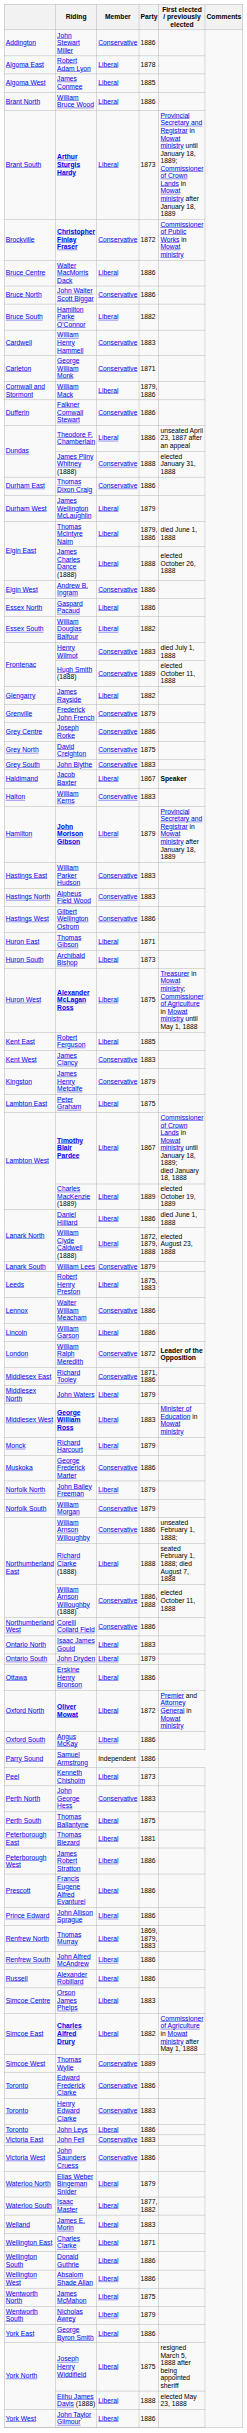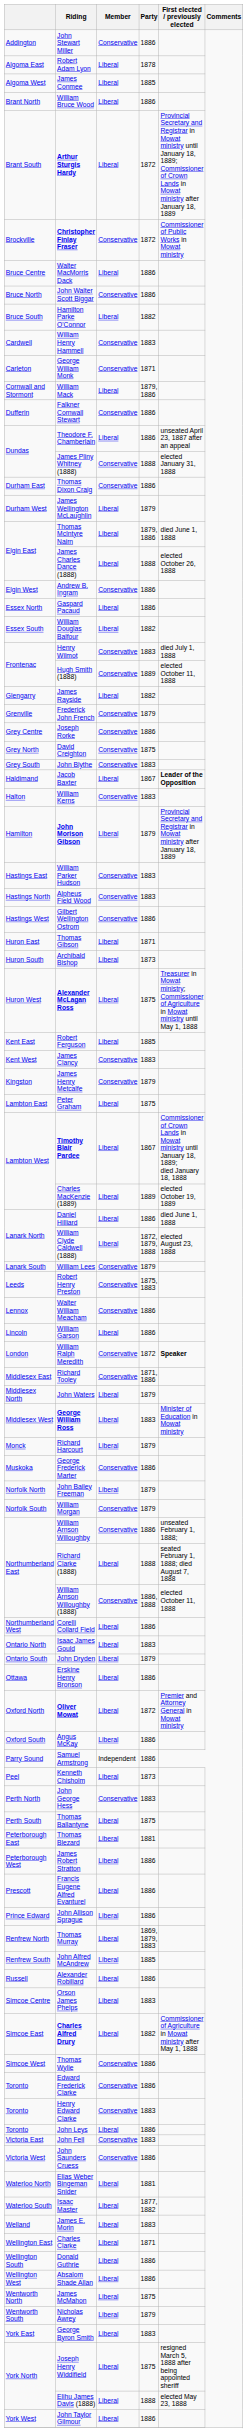 <table class="wikitable sortable" style="width: 90%">
 <tr>
 <th></th>
 <th>Riding</th>
 <th>Member</th>
 <th>Party</th>
 <th>First elected / previously elected</th>
 <th>Comments</th>
 </tr>
 <tr>
 <td><a href='#'>Addington</a></td>
 <td><a href='#'>John Stewart Miller</a></td>
 <td><a href='#'>Conservative</a></td>
 <td>1886</td>
 <td></td>
 </tr>
 <tr>
 <td><a href='#'>Algoma East</a></td>
 <td><a href='#'>Robert Adam Lyon</a></td>
 <td><a href='#'>Liberal</a></td>
 <td>1878</td>
 <td></td>
 </tr>
 <tr>
 <td><a href='#'>Algoma West</a></td>
 <td><a href='#'>James Conmee</a></td>
 <td><a href='#'>Liberal</a></td>
 <td>1885</td>
 <td></td>
 </tr>
 <tr>
 <td><a href='#'>Brant North</a></td>
 <td><a href='#'>William Bruce Wood</a></td>
 <td><a href='#'>Liberal</a></td>
 <td>1886</td>
 <td></td>
 </tr>
 <tr>
 <td><a href='#'>Brant South</a></td>
 <td><strong><a href='#'>Arthur Sturgis Hardy</a></strong></td>
 <td><a href='#'>Liberal</a></td>
-<td>1873</td>
+<td>1872</td>
 <td><a href='#'>Provincial Secretary and Registrar</a> in <a href='#'>Mowat ministry</a> until January 18, 1889; <br> <a href='#'>Commissioner of Crown Lands</a> in <a href='#'>Mowat ministry</a> after January 18, 1889</td>
 </tr>
 <tr>
 <td><a href='#'>Brockville</a></td>
 <td><strong><a href='#'>Christopher Finlay Fraser</a></strong></td>
 <td><a href='#'>Conservative</a></td>
 <td>1872</td>
 <td><a href='#'>Commissioner of Public Works</a> in <a href='#'>Mowat ministry</a></td>
 </tr>
 <tr>
 <td><a href='#'>Bruce Centre</a></td>
 <td><a href='#'>Walter MacMorris Dack</a></td>
 <td><a href='#'>Liberal</a></td>
 <td>1886</td>
 <td></td>
 </tr>
 <tr>
 <td><a href='#'>Bruce North</a></td>
 <td><a href='#'>John Walter Scott Biggar</a></td>
 <td><a href='#'>Conservative</a></td>
 <td>1886</td>
 <td></td>
 </tr>
 <tr>
 <td><a href='#'>Bruce South</a></td>
 <td><a href='#'>Hamilton Parke O'Connor</a></td>
 <td><a href='#'>Liberal</a></td>
 <td>1882</td>
 <td></td>
 </tr>
 <tr>
 <td><a href='#'>Cardwell</a></td>
 <td><a href='#'>William Henry Hammell</a></td>
 <td><a href='#'>Conservative</a></td>
 <td>1883</td>
 <td></td>
 </tr>
 <tr>
 <td><a href='#'>Carleton</a></td>
 <td><a href='#'>George William Monk</a></td>
 <td><a href='#'>Conservative</a></td>
 <td>1871</td>
 <td></td>
 </tr>
 <tr>
 <td><a href='#'>Cornwall and Stormont</a></td>
 <td><a href='#'>William Mack</a></td>
 <td><a href='#'>Liberal</a></td>
 <td>1879, 1886</td>
 <td></td>
 </tr>
 <tr>
 <td><a href='#'>Dufferin</a></td>
 <td><a href='#'>Falkner Cornwall Stewart</a></td>
 <td><a href='#'>Conservative</a></td>
 <td>1886</td>
 <td></td>
 </tr>
 <tr>
 <td rowspan="2"><a href='#'>Dundas</a></td>
 <td><a href='#'>Theodore F. Chamberlain</a></td>
 <td><a href='#'>Liberal</a></td>
 <td>1886</td>
 <td>unseated April 23, 1887 after an appeal</td>
 </tr>
 <tr>
 <td><a href='#'>James Pliny Whitney</a> (1888)</td>
 <td><a href='#'>Conservative</a></td>
 <td>1888</td>
 <td>elected January 31, 1888</td>
 </tr>
 <tr>
 <td><a href='#'>Durham East</a></td>
 <td><a href='#'>Thomas Dixon Craig</a></td>
 <td><a href='#'>Conservative</a></td>
 <td>1886</td>
 <td></td>
 </tr>
 <tr>
 <td><a href='#'>Durham West</a></td>
 <td><a href='#'>James Wellington McLaughlin</a></td>
 <td><a href='#'>Liberal</a></td>
 <td>1879</td>
 <td></td>
 </tr>
 <tr>
 <td rowspan="2"><a href='#'>Elgin East</a></td>
 <td><a href='#'>Thomas McIntyre Nairn</a></td>
 <td><a href='#'>Liberal</a></td>
 <td>1879, 1886</td>
 <td>died June 1, 1888</td>
 </tr>
 <tr>
 <td><a href='#'>James Charles Dance</a> (1888)</td>
 <td><a href='#'>Liberal</a></td>
 <td>1888</td>
 <td>elected October 26, 1888</td>
 </tr>
 <tr>
 <td><a href='#'>Elgin West</a></td>
 <td><a href='#'>Andrew B. Ingram</a></td>
 <td><a href='#'>Conservative</a></td>
 <td>1886</td>
 <td></td>
 </tr>
 <tr>
 <td><a href='#'>Essex North</a></td>
 <td><a href='#'>Gaspard Pacaud</a></td>
 <td><a href='#'>Liberal</a></td>
 <td>1886</td>
 <td></td>
 </tr>
 <tr>
 <td><a href='#'>Essex South</a></td>
 <td><a href='#'>William Douglas Balfour</a></td>
 <td><a href='#'>Liberal</a></td>
 <td>1882</td>
 <td></td>
 </tr>
 <tr>
 <td rowspan="2"><a href='#'>Frontenac</a></td>
 <td><a href='#'>Henry Wilmot</a></td>
 <td><a href='#'>Conservative</a></td>
 <td>1883</td>
 <td>died July 1, 1888</td>
 </tr>
 <tr>
 <td><a href='#'>Hugh Smith</a> (1888)</td>
 <td><a href='#'>Conservative</a></td>
 <td>1889</td>
 <td>elected October 11, 1888</td>
 </tr>
 <tr>
 <td><a href='#'>Glengarry</a></td>
 <td><a href='#'>James Rayside</a></td>
 <td><a href='#'>Liberal</a></td>
 <td>1882</td>
 <td></td>
 </tr>
 <tr>
 <td><a href='#'>Grenville</a></td>
 <td><a href='#'>Frederick John French</a></td>
 <td><a href='#'>Conservative</a></td>
 <td>1879</td>
 <td></td>
 </tr>
 <tr>
 <td><a href='#'>Grey Centre</a></td>
 <td><a href='#'>Joseph Rorke</a></td>
 <td><a href='#'>Conservative</a></td>
 <td>1886</td>
 <td></td>
 </tr>
 <tr>
 <td><a href='#'>Grey North</a></td>
 <td><a href='#'>David Creighton</a></td>
 <td><a href='#'>Conservative</a></td>
 <td>1875</td>
 <td></td>
 </tr>
 <tr>
 <td><a href='#'>Grey South</a></td>
 <td><a href='#'>John Blythe</a></td>
 <td><a href='#'>Conservative</a></td>
 <td>1883</td>
 <td></td>
 </tr>
 <tr>
 <td><a href='#'>Haldimand</a></td>
 <td><a href='#'>Jacob Baxter</a></td>
 <td><a href='#'>Liberal</a></td>
 <td>1867</td>
-<td><strong>Speaker</strong></td>
+<td><strong>Leader of the Opposition</strong></td>
 </tr>
 <tr>
 <td><a href='#'>Halton</a></td>
 <td><a href='#'>William Kerns</a></td>
 <td><a href='#'>Conservative</a></td>
 <td>1883</td>
 <td></td>
 </tr>
 <tr>
 <td><a href='#'>Hamilton</a></td>
 <td><strong><a href='#'>John Morison Gibson</a></strong></td>
 <td><a href='#'>Liberal</a></td>
 <td>1879</td>
 <td><a href='#'>Provincial Secretary and Registrar</a> in <a href='#'>Mowat ministry</a> after January 18, 1889</td>
 </tr>
 <tr>
 <td><a href='#'>Hastings East</a></td>
 <td><a href='#'>William Parker Hudson</a></td>
 <td><a href='#'>Conservative</a></td>
 <td>1883</td>
 <td></td>
 </tr>
 <tr>
 <td><a href='#'>Hastings North</a></td>
 <td><a href='#'>Alpheus Field Wood</a></td>
 <td><a href='#'>Conservative</a></td>
 <td>1883</td>
 <td></td>
 </tr>
 <tr>
 <td><a href='#'>Hastings West</a></td>
 <td><a href='#'>Gilbert Wellington Ostrom</a></td>
 <td><a href='#'>Conservative</a></td>
 <td>1886</td>
 <td></td>
 </tr>
 <tr>
 <td><a href='#'>Huron East</a></td>
 <td><a href='#'>Thomas Gibson</a></td>
 <td><a href='#'>Liberal</a></td>
 <td>1871</td>
 <td></td>
 </tr>
 <tr>
 <td><a href='#'>Huron South</a></td>
 <td><a href='#'>Archibald Bishop</a></td>
 <td><a href='#'>Liberal</a></td>
 <td>1873</td>
 <td></td>
 </tr>
 <tr>
 <td><a href='#'>Huron West</a></td>
 <td><strong><a href='#'>Alexander McLagan Ross</a></strong></td>
 <td><a href='#'>Liberal</a></td>
 <td>1875</td>
 <td><a href='#'>Treasurer</a> in <a href='#'>Mowat ministry</a>; <br> <a href='#'>Commissioner of Agriculture</a> in <a href='#'>Mowat ministry</a> until May 1, 1888</td>
 </tr>
 <tr>
 <td><a href='#'>Kent East</a></td>
 <td><a href='#'>Robert Ferguson</a></td>
 <td><a href='#'>Liberal</a></td>
 <td>1885</td>
 <td></td>
 </tr>
 <tr>
 <td><a href='#'>Kent West</a></td>
 <td><a href='#'>James Clancy</a></td>
 <td><a href='#'>Conservative</a></td>
 <td>1883</td>
 <td></td>
 </tr>
 <tr>
 <td><a href='#'>Kingston</a></td>
 <td><a href='#'>James Henry Metcalfe</a></td>
 <td><a href='#'>Conservative</a></td>
 <td>1879</td>
 <td></td>
 </tr>
 <tr>
 <td><a href='#'>Lambton East</a></td>
 <td><a href='#'>Peter Graham</a></td>
 <td><a href='#'>Liberal</a></td>
 <td>1875</td>
 <td></td>
 </tr>
 <tr>
 <td rowspan="2"><a href='#'>Lambton West</a></td>
 <td><strong><a href='#'>Timothy Blair Pardee</a></strong></td>
 <td><a href='#'>Liberal</a></td>
 <td>1867</td>
 <td><a href='#'>Commissioner of Crown Lands</a> in <a href='#'>Mowat ministry</a> until January 18, 1889;<br> died January 18, 1888</td>
 </tr>
 <tr>
 <td><a href='#'>Charles MacKenzie</a> (1889)</td>
 <td><a href='#'>Liberal</a></td>
 <td>1889</td>
 <td>elected October 19, 1889</td>
 </tr>
 <tr>
 <td rowspan="2"><a href='#'>Lanark North</a></td>
 <td><a href='#'>Daniel Hilliard</a></td>
 <td><a href='#'>Liberal</a></td>
 <td>1886</td>
 <td>died June 1, 1888</td>
 </tr>
 <tr>
 <td><a href='#'>William Clyde Caldwell</a> (1888)</td>
 <td><a href='#'>Liberal</a></td>
 <td>1872, 1879, 1888</td>
 <td>elected August 23, 1888</td>
 </tr>
 <tr>
 <td><a href='#'>Lanark South</a></td>
 <td><a href='#'>William Lees</a></td>
 <td><a href='#'>Conservative</a></td>
 <td>1879</td>
 <td></td>
 </tr>
 <tr>
 <td><a href='#'>Leeds</a></td>
 <td><a href='#'>Robert Henry Preston</a></td>
-<td><a href='#'>Liberal</a></td>
+<td><a href='#'>Conservative</a></td>
 <td>1875, 1883</td>
 <td></td>
 </tr>
 <tr>
 <td><a href='#'>Lennox</a></td>
 <td><a href='#'>Walter William Meacham</a></td>
 <td><a href='#'>Conservative</a></td>
 <td>1886</td>
 <td></td>
 </tr>
 <tr>
 <td><a href='#'>Lincoln</a></td>
 <td><a href='#'>William Garson</a></td>
 <td><a href='#'>Liberal</a></td>
 <td>1886</td>
 <td></td>
 </tr>
 <tr>
 <td><a href='#'>London</a></td>
 <td><a href='#'>William Ralph Meredith</a></td>
 <td><a href='#'>Conservative</a></td>
 <td>1872</td>
-<td><strong>Leader of the Opposition</strong></td>
+<td><strong>Speaker</strong></td>
 </tr>
 <tr>
 <td><a href='#'>Middlesex East</a></td>
 <td><a href='#'>Richard Tooley</a></td>
 <td><a href='#'>Conservative</a></td>
 <td>1871, 1886</td>
 <td></td>
 </tr>
 <tr>
 <td><a href='#'>Middlesex North</a></td>
 <td><a href='#'>John Waters</a></td>
 <td><a href='#'>Liberal</a></td>
 <td>1879</td>
 <td></td>
 </tr>
 <tr>
 <td><a href='#'>Middlesex West</a></td>
 <td><strong><a href='#'>George William Ross</a></strong></td>
 <td><a href='#'>Liberal</a></td>
 <td>1883</td>
 <td><a href='#'>Minister of Education</a> in <a href='#'>Mowat ministry</a></td>
 </tr>
 <tr>
 <td><a href='#'>Monck</a></td>
 <td><a href='#'>Richard Harcourt</a></td>
 <td><a href='#'>Liberal</a></td>
 <td>1879</td>
 <td></td>
 </tr>
 <tr>
 <td><a href='#'>Muskoka</a></td>
 <td><a href='#'>George Frederick Marter</a></td>
 <td><a href='#'>Conservative</a></td>
 <td>1886</td>
 <td></td>
 </tr>
 <tr>
 <td><a href='#'>Norfolk North</a></td>
 <td><a href='#'>John Bailey Freeman</a></td>
 <td><a href='#'>Liberal</a></td>
 <td>1879</td>
 <td></td>
 </tr>
 <tr>
 <td><a href='#'>Norfolk South</a></td>
 <td><a href='#'>William Morgan</a></td>
 <td><a href='#'>Conservative</a></td>
 <td>1879</td>
 <td></td>
 </tr>
 <tr>
 <td rowspan="3"><a href='#'>Northumberland East</a></td>
 <td><a href='#'>William Arnson Willoughby</a></td>
 <td><a href='#'>Conservative</a></td>
 <td>1886</td>
 <td>unseated February 1, 1888;</td>
 </tr>
 <tr>
 <td><a href='#'>Richard Clarke</a> (1888)</td>
 <td><a href='#'>Liberal</a></td>
 <td>1888</td>
 <td>seated February 1, 1888; died August 7, 1888</td>
 </tr>
 <tr>
 <td><a href='#'>William Arnson Willoughby</a> (1888)</td>
 <td><a href='#'>Conservative</a></td>
 <td>1886, 1888</td>
 <td>elected October 11, 1888</td>
 </tr>
 <tr>
 <td><a href='#'>Northumberland West</a></td>
 <td><a href='#'>Corelli Collard Field</a></td>
-<td><a href='#'>Conservative</a></td>
+<td><a href='#'>Liberal</a></td>
 <td>1886</td>
 <td></td>
 </tr>
 <tr>
 <td><a href='#'>Ontario North</a></td>
 <td><a href='#'>Isaac James Gould</a></td>
 <td><a href='#'>Liberal</a></td>
 <td>1883</td>
 <td></td>
 </tr>
 <tr>
 <td><a href='#'>Ontario South</a></td>
 <td><a href='#'>John Dryden</a></td>
 <td><a href='#'>Liberal</a></td>
 <td>1879</td>
 <td></td>
 </tr>
 <tr>
 <td><a href='#'>Ottawa</a></td>
 <td><a href='#'>Erskine Henry Bronson</a></td>
 <td><a href='#'>Liberal</a></td>
 <td>1886</td>
 <td></td>
 </tr>
 <tr>
 <td><a href='#'>Oxford North</a></td>
 <td><strong><a href='#'>Oliver Mowat</a></strong></td>
 <td><a href='#'>Liberal</a></td>
 <td>1872</td>
 <td><a href='#'>Premier</a> and <a href='#'>Attorney General</a> in <a href='#'>Mowat ministry</a></td>
 </tr>
 <tr>
 <td><a href='#'>Oxford South</a></td>
 <td><a href='#'>Angus McKay</a></td>
 <td><a href='#'>Liberal</a></td>
 <td>1886</td>
 <td></td>
 </tr>
 <tr>
 <td><a href='#'>Parry Sound</a></td>
 <td><a href='#'>Samuel Armstrong</a></td>
 <td>Independent</td>
 <td>1886</td>
 </tr>
 <tr>
 <td><a href='#'>Peel</a></td>
 <td><a href='#'>Kenneth Chisholm</a></td>
 <td><a href='#'>Liberal</a></td>
 <td>1873</td>
 <td></td>
 </tr>
 <tr>
 <td><a href='#'>Perth North</a></td>
 <td><a href='#'>John George Hess</a></td>
 <td><a href='#'>Conservative</a></td>
 <td>1883</td>
 <td></td>
 </tr>
 <tr>
 <td><a href='#'>Perth South</a></td>
 <td><a href='#'>Thomas Ballantyne</a></td>
 <td><a href='#'>Liberal</a></td>
 <td>1875</td>
 <td></td>
 </tr>
 <tr>
 <td><a href='#'>Peterborough East</a></td>
 <td><a href='#'>Thomas Blezard</a></td>
 <td><a href='#'>Liberal</a></td>
 <td>1881</td>
 <td></td>
 </tr>
 <tr>
 <td><a href='#'>Peterborough West</a></td>
 <td><a href='#'>James Robert Stratton</a></td>
 <td><a href='#'>Liberal</a></td>
 <td>1886</td>
 <td></td>
 </tr>
 <tr>
 <td><a href='#'>Prescott</a></td>
 <td><a href='#'>Francis Eugene Alfred Evanturel</a></td>
 <td><a href='#'>Liberal</a></td>
 <td>1886</td>
 <td></td>
 </tr>
 <tr>
 <td><a href='#'>Prince Edward</a></td>
 <td><a href='#'>John Allison Sprague</a></td>
 <td><a href='#'>Liberal</a></td>
 <td>1886</td>
 <td></td>
 </tr>
 <tr>
 <td><a href='#'>Renfrew North</a></td>
 <td><a href='#'>Thomas Murray</a></td>
 <td><a href='#'>Liberal</a></td>
 <td>1869, 1879, 1883</td>
 <td></td>
 </tr>
 <tr>
 <td><a href='#'>Renfrew South</a></td>
 <td><a href='#'>John Alfred McAndrew</a></td>
 <td><a href='#'>Liberal</a></td>
-<td>1886</td>
+<td>1885</td>
 <td></td>
 </tr>
 <tr>
 <td><a href='#'>Russell</a></td>
 <td><a href='#'>Alexander Robillard</a></td>
 <td><a href='#'>Liberal</a></td>
 <td>1886</td>
 <td></td>
 </tr>
 <tr>
 <td><a href='#'>Simcoe Centre</a></td>
 <td><a href='#'>Orson James Phelps</a></td>
 <td><a href='#'>Liberal</a></td>
 <td>1883</td>
 <td></td>
 </tr>
 <tr>
 <td><a href='#'>Simcoe East</a></td>
 <td><strong><a href='#'>Charles Alfred Drury</a></strong></td>
 <td><a href='#'>Liberal</a></td>
 <td>1882</td>
 <td><a href='#'>Commissioner of Agriculture</a> in <a href='#'>Mowat ministry</a> after May 1, 1888</td>
 </tr>
 <tr>
 <td><a href='#'>Simcoe West</a></td>
 <td><a href='#'>Thomas Wylie</a></td>
 <td><a href='#'>Conservative</a></td>
-<td>1889</td>
+<td>1886</td>
 <td></td>
 </tr>
 <tr>
 <td><a href='#'>Toronto</a></td>
 <td><a href='#'>Edward Frederick Clarke</a></td>
 <td><a href='#'>Conservative</a></td>
 <td>1886</td>
 <td></td>
 </tr>
 <tr>
 <td><a href='#'>Toronto</a></td>
 <td><a href='#'>Henry Edward Clarke</a></td>
 <td><a href='#'>Conservative</a></td>
 <td>1883</td>
 <td></td>
 </tr>
 <tr>
 <td><a href='#'>Toronto</a></td>
 <td><a href='#'>John Leys</a></td>
 <td><a href='#'>Liberal</a></td>
 <td>1886</td>
 <td></td>
 </tr>
 <tr>
 <td><a href='#'>Victoria East</a></td>
 <td><a href='#'>John Fell</a></td>
 <td><a href='#'>Conservative</a></td>
 <td>1883</td>
 <td></td>
 </tr>
 <tr>
 <td><a href='#'>Victoria West</a></td>
 <td><a href='#'>John Saunders Cruess</a></td>
 <td><a href='#'>Conservative</a></td>
 <td>1886</td>
 <td></td>
 </tr>
 <tr>
 <td><a href='#'>Waterloo North</a></td>
 <td><a href='#'>Elias Weber Bingeman Snider</a></td>
 <td><a href='#'>Liberal</a></td>
-<td>1879</td>
+<td>1881</td>
 <td></td>
 </tr>
 <tr>
 <td><a href='#'>Waterloo South</a></td>
 <td><a href='#'>Isaac Master</a></td>
 <td><a href='#'>Liberal</a></td>
 <td>1877, 1882</td>
 <td></td>
 </tr>
 <tr>
 <td><a href='#'>Welland</a></td>
 <td><a href='#'>James E. Morin</a></td>
 <td><a href='#'>Liberal</a></td>
 <td>1883</td>
 <td></td>
 </tr>
 <tr>
 <td><a href='#'>Wellington East</a></td>
 <td><a href='#'>Charles Clarke</a></td>
 <td><a href='#'>Liberal</a></td>
 <td>1871</td>
 <td></td>
 </tr>
 <tr>
 <td><a href='#'>Wellington South</a></td>
 <td><a href='#'>Donald Guthrie</a></td>
 <td><a href='#'>Liberal</a></td>
 <td>1886</td>
 <td></td>
 </tr>
 <tr>
 <td><a href='#'>Wellington West</a></td>
 <td><a href='#'>Absalom Shade Allan</a></td>
 <td><a href='#'>Liberal</a></td>
 <td>1886</td>
 <td></td>
 </tr>
 <tr>
 <td><a href='#'>Wentworth North</a></td>
 <td><a href='#'>James McMahon</a></td>
 <td><a href='#'>Liberal</a></td>
 <td>1875</td>
 <td></td>
 </tr>
 <tr>
 <td><a href='#'>Wentworth South</a></td>
 <td><a href='#'>Nicholas Awrey</a></td>
 <td><a href='#'>Liberal</a></td>
 <td>1879</td>
 <td></td>
 </tr>
 <tr>
 <td><a href='#'>York East</a></td>
 <td><a href='#'>George Byron Smith</a></td>
 <td><a href='#'>Liberal</a></td>
-<td>1886</td>
+<td>1883</td>
 <td></td>
 </tr>
 <tr>
 <td rowspan="2"><a href='#'>York North</a></td>
 <td><a href='#'>Joseph Henry Widdifield</a></td>
 <td><a href='#'>Liberal</a></td>
 <td>1875</td>
 <td>resigned March 5, 1888 after being appointed sheriff</td>
 </tr>
 <tr>
 <td><a href='#'>Elihu James Davis</a> (1888)</td>
 <td><a href='#'>Liberal</a></td>
 <td>1888</td>
 <td>elected May 23, 1888</td>
 </tr>
 <tr>
 <td><a href='#'>York West</a></td>
 <td><a href='#'>John Taylor Gilmour</a></td>
 <td><a href='#'>Liberal</a></td>
 <td>1886</td>
 <td></td>
 </tr>
 <tr>
 </tr>
 </table>
